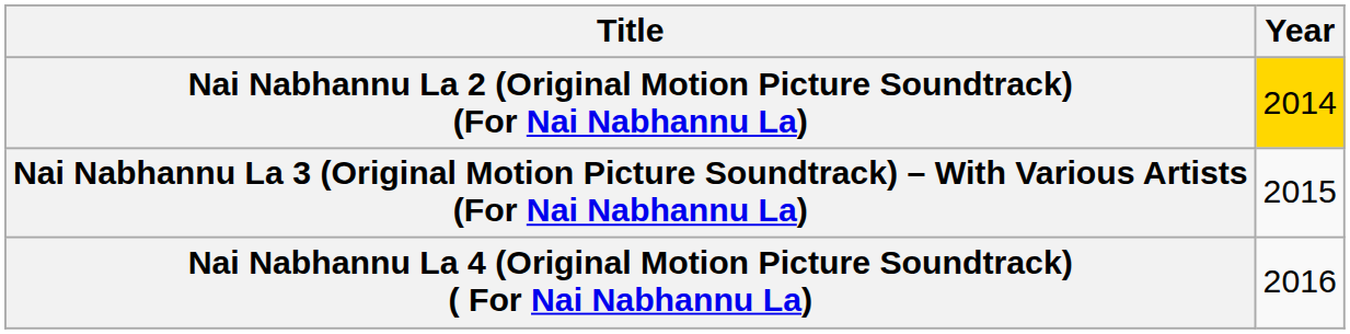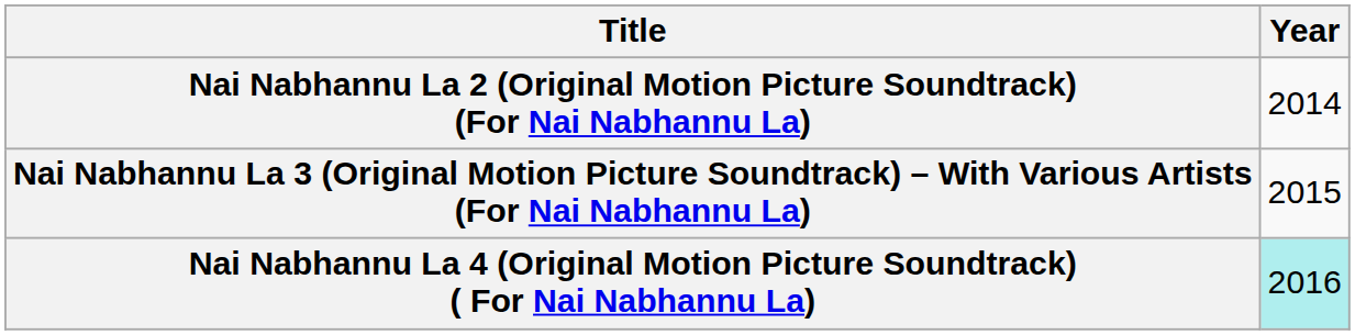 <table class="wikitable plainrowheaders" style="text-align:center;">
 <tr>
 <th scope="col">Title</th>
 <th scope="col">Year</th>
 </tr>
 <tr>
 <th scope="row">Nai Nabhannu La 2 (Original Motion Picture Soundtrack)<br><span>(For <a href='#'>Nai Nabhannu La</a>)</span></th>
-<td style="background: gold;">2014</td>
+<td>2014</td>
 </tr>
 <tr>
 <th scope="row">Nai Nabhannu La 3 (Original Motion Picture Soundtrack) – With Various Artists<br><span>(For <a href='#'>Nai Nabhannu La</a>)</span></th>
 <td>2015</td>
 </tr>
 <tr>
 <th scope="row">Nai Nabhannu La 4 (Original Motion Picture Soundtrack)<br><span>( For <a href='#'>Nai Nabhannu La</a>)</span></th>
-<td>2016</td>
+<td style="background: paleturquoise;">2016</td>
 </tr>
 </table>
